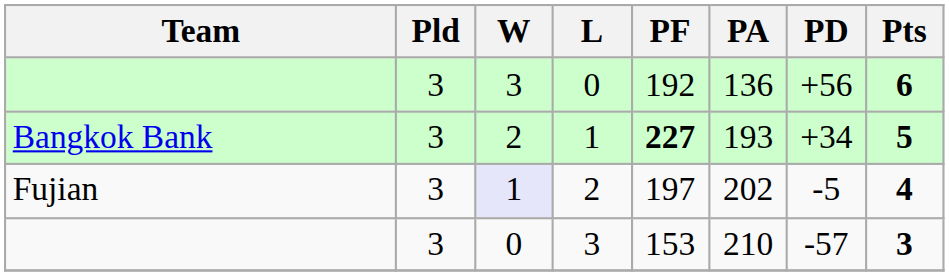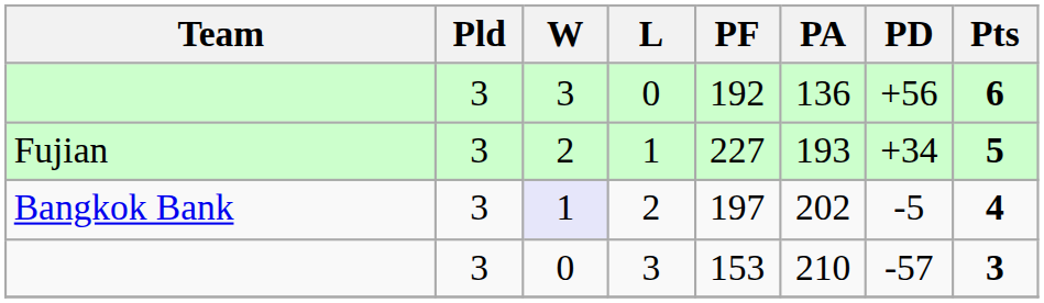 <table class="wikitable" style="text-align:center;">
 <tr>
 <th width=180>Team</th>
 <th width=30>Pld</th>
 <th width=30>W</th>
 <th width=30>L</th>
 <th width=30>PF</th>
 <th width=30>PA</th>
 <th width=30>PD</th>
 <th width=30>Pts</th>
 </tr>
 <tr bgcolor=#ccffcc>
 <td align="left"></td>
 <td>3</td>
 <td>3</td>
 <td>0</td>
 <td>192</td>
 <td>136</td>
 <td>+56</td>
 <td><strong>6</strong></td>
 </tr>
 <tr bgcolor=#ccffcc>
-<td align="left"> <a href='#'>Bangkok Bank</a></td>
+<td align="left"> Fujian</td>
 <td>3</td>
 <td>2</td>
 <td>1</td>
-<td><strong>227</strong></td>
+<td>227</td>
 <td>193</td>
 <td>+34</td>
 <td><strong>5</strong></td>
 </tr>
 <tr>
-<td align="left"> Fujian</td>
+<td align="left"> <a href='#'>Bangkok Bank</a></td>
 <td>3</td>
 <td style="background: lavender;">1</td>
 <td>2</td>
 <td>197</td>
 <td>202</td>
 <td>-5</td>
 <td><strong>4</strong></td>
 </tr>
 <tr>
 <td align="left"></td>
 <td>3</td>
 <td>0</td>
 <td>3</td>
 <td>153</td>
 <td>210</td>
 <td>-57</td>
 <td><strong>3</strong></td>
 </tr>
 <tr>
 </tr>
 </table>
